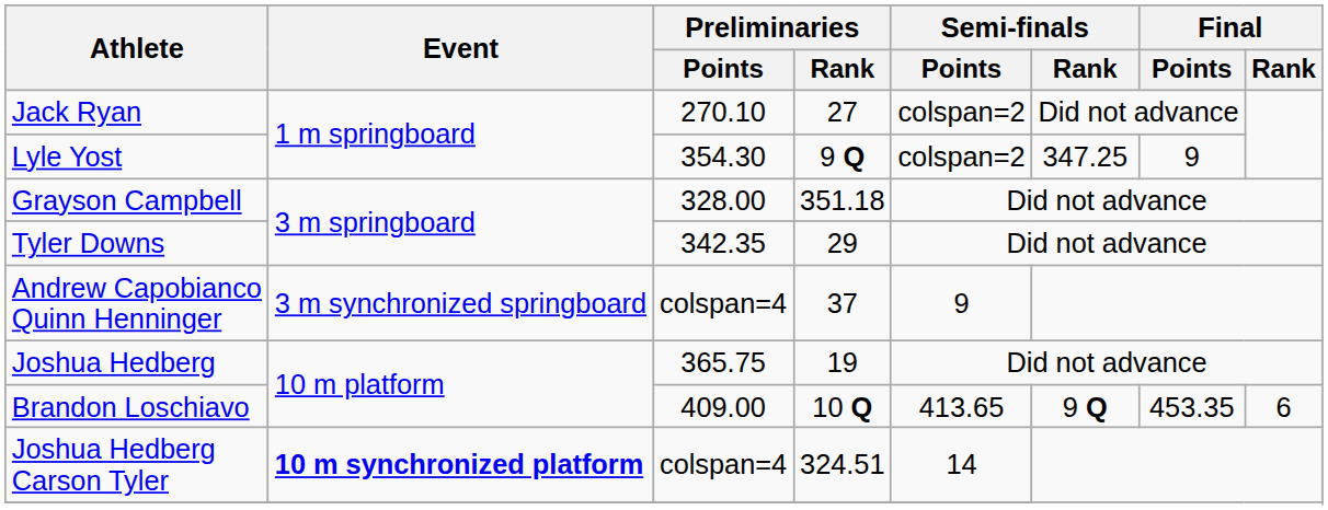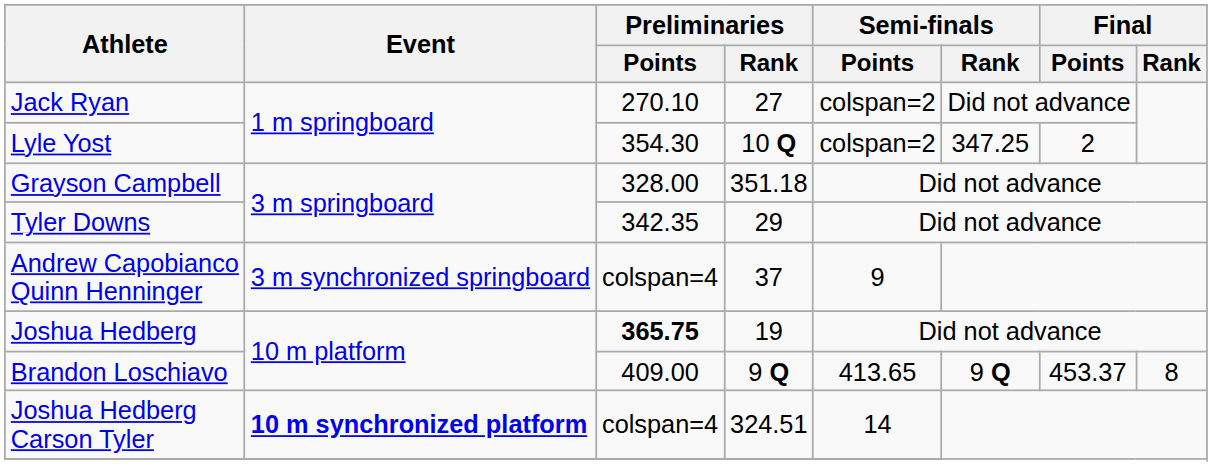 <table class="wikitable" style="text-align:center; font-size:90%;">
 <tr>
 <th rowspan=2>Athlete</th>
 <th rowspan=2>Event</th>
 <th colspan=2>Preliminaries</th>
 <th colspan=2>Semi-finals</th>
 <th colspan=2>Final</th>
 </tr>
 <tr style="font-size:95%">
 <th>Points</th>
 <th>Rank</th>
 <th>Points</th>
 <th>Rank</th>
 <th>Points</th>
 <th>Rank</th>
 </tr>
 <tr>
 <td align=left><a href='#'>Jack Ryan</a></td>
 <td align=left rowspan=2><a href='#'>1 m springboard</a></td>
 <td>270.10</td>
 <td>27</td>
 <td>colspan=2 </td>
 <td colspan=2>Did not advance</td>
 </tr>
 <tr>
 <td align=left><a href='#'>Lyle Yost</a></td>
 <td>354.30</td>
-<td>9 <strong>Q</strong></td>
+<td>10 <strong>Q</strong></td>
 <td>colspan=2 </td>
 <td>347.25</td>
-<td>9</td>
+<td>2</td>
 </tr>
 <tr>
 <td align=left><a href='#'>Grayson Campbell</a></td>
 <td align=left rowspan=2><a href='#'>3 m springboard</a></td>
 <td>328.00</td>
 <td>351.18</td>
 <td colspan=4>Did not advance</td>
 </tr>
 <tr>
 <td align=left><a href='#'>Tyler Downs</a></td>
 <td>342.35</td>
 <td>29</td>
 <td colspan=4>Did not advance</td>
 </tr>
 <tr>
 <td align=left><a href='#'>Andrew Capobianco</a><br> <a href='#'>Quinn Henninger</a></td>
 <td align=left><a href='#'>3 m synchronized springboard</a></td>
 <td>colspan=4 </td>
 <td>37</td>
 <td>9</td>
 </tr>
 <tr>
 <td align=left><a href='#'>Joshua Hedberg</a></td>
 <td align=left rowspan=2><a href='#'>10 m platform</a></td>
-<td>365.75</td>
+<td><strong>365.75</strong></td>
 <td>19</td>
 <td colspan=4>Did not advance</td>
 </tr>
 <tr>
 <td align=left><a href='#'>Brandon Loschiavo</a></td>
 <td>409.00</td>
-<td>10 <strong>Q</strong></td>
+<td>9 <strong>Q</strong></td>
 <td>413.65</td>
 <td>9 <strong>Q</strong></td>
-<td>453.35</td>
-<td>6</td>
+<td>453.37</td>
+<td>8</td>
 </tr>
 <tr>
 <td align=left><a href='#'>Joshua Hedberg</a><br> <a href='#'>Carson Tyler</a></td>
 <td align=left><strong><a href='#'>10 m synchronized platform</a></strong></td>
 <td>colspan=4 </td>
 <td>324.51</td>
 <td>14</td>
 </tr>
 <tr>
 </tr>
 </table>
